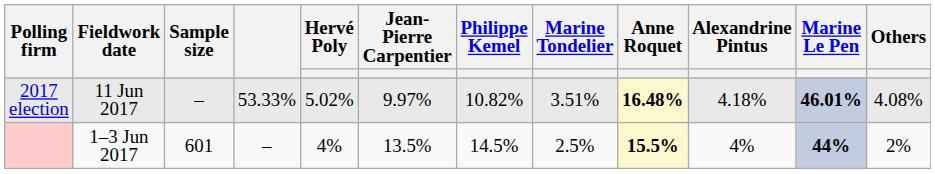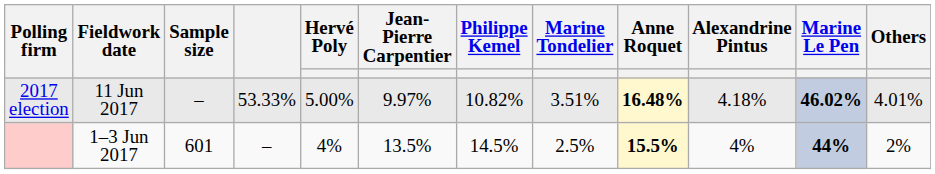 <table class="wikitable sortable" style="text-align:center;font-size:90%;line-height:14px;">
 <tr style="height:40px;">
 <th style="width:100px;" rowspan="2">Polling firm</th>
 <th style="width:110px;" rowspan="2">Fieldwork date</th>
 <th style="width:35px;" rowspan="2">Sample<br>size</th>
 <th style="width:30px;" rowspan="2"></th>
 <th class="unsortable" style="width:60px;">Hervé Poly<br></th>
 <th class="unsortable" style="width:60px;">Jean-Pierre Carpentier<br></th>
 <th class="unsortable" style="width:60px;"><a href='#'>Philippe Kemel</a><br></th>
 <th class="unsortable" style="width:60px;"><a href='#'>Marine Tondelier</a><br></th>
 <th class="unsortable" style="width:60px;">Anne Roquet<br></th>
 <th class="unsortable" style="width:60px;">Alexandrine Pintus<br></th>
 <th class="unsortable" style="width:60px;"><a href='#'>Marine Le Pen</a><br></th>
 <th class="unsortable" style="width:60px;">Others</th>
 </tr>
 <tr>
 <th style="background:"></th>
 <th style="background:"></th>
 <th style="background:"></th>
 <th style="background:"></th>
 <th style="background:"></th>
 <th style="background:"></th>
 <th style="background:"></th>
 <th style="background:"></th>
 </tr>
 <tr style="background:#E9E9E9;">
 <td><a href='#'>2017 election</a></td>
 <td data-sort-value="2017-06-11">11 Jun 2017</td>
 <td>–</td>
 <td>53.33%</td>
-<td>5.02%</td>
+<td>5.00%</td>
 <td>9.97%</td>
 <td>10.82%</td>
 <td>3.51%</td>
 <td style="background:#FFF7CE;"><strong>16.48%</strong></td>
 <td>4.18%</td>
-<td style="background:#C1CCE1;"><strong>46.01%</strong></td>
-<td>4.08%</td>
+<td style="background:#C1CCE1;"><strong>46.02%</strong></td>
+<td>4.01%</td>
 </tr>
 <tr>
 <td style="background:#FFCCCC;"></td>
 <td data-sort-value="2017-06-03">1–3 Jun 2017</td>
 <td>601</td>
 <td>–</td>
 <td>4%</td>
 <td>13.5%</td>
 <td>14.5%</td>
 <td>2.5%</td>
 <td style="background:#FFF7CE;"><strong>15.5%</strong></td>
 <td>4%</td>
 <td style="background:#C1CCE1;"><strong>44%</strong></td>
 <td>2%</td>
 </tr>
 </table>
